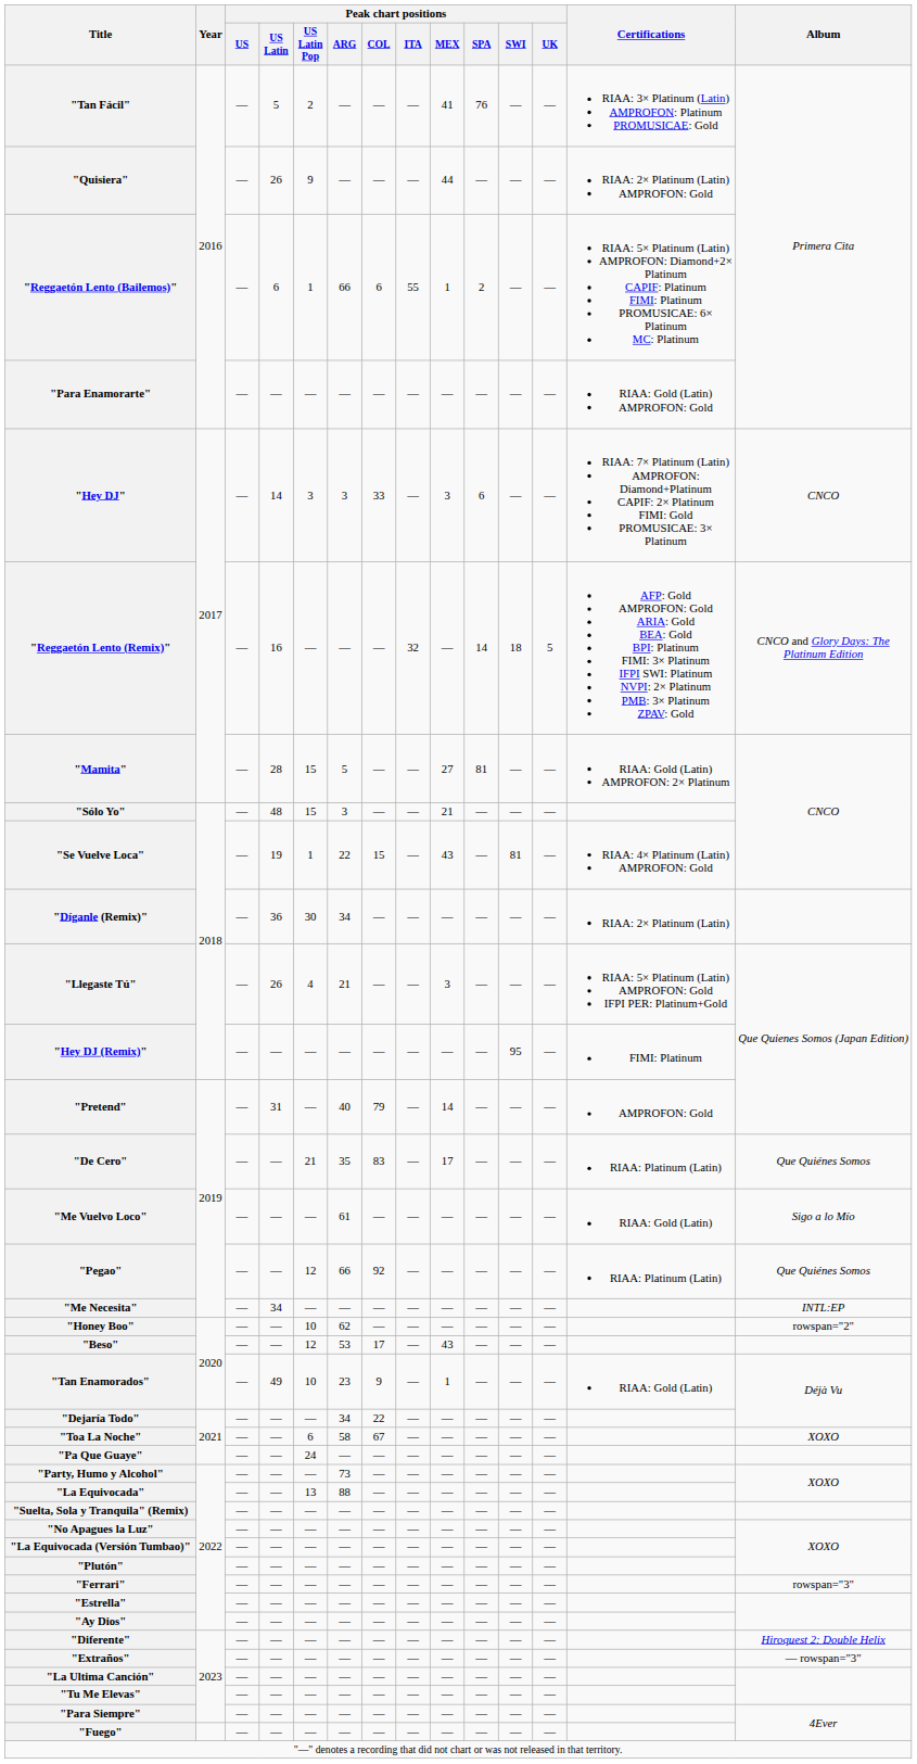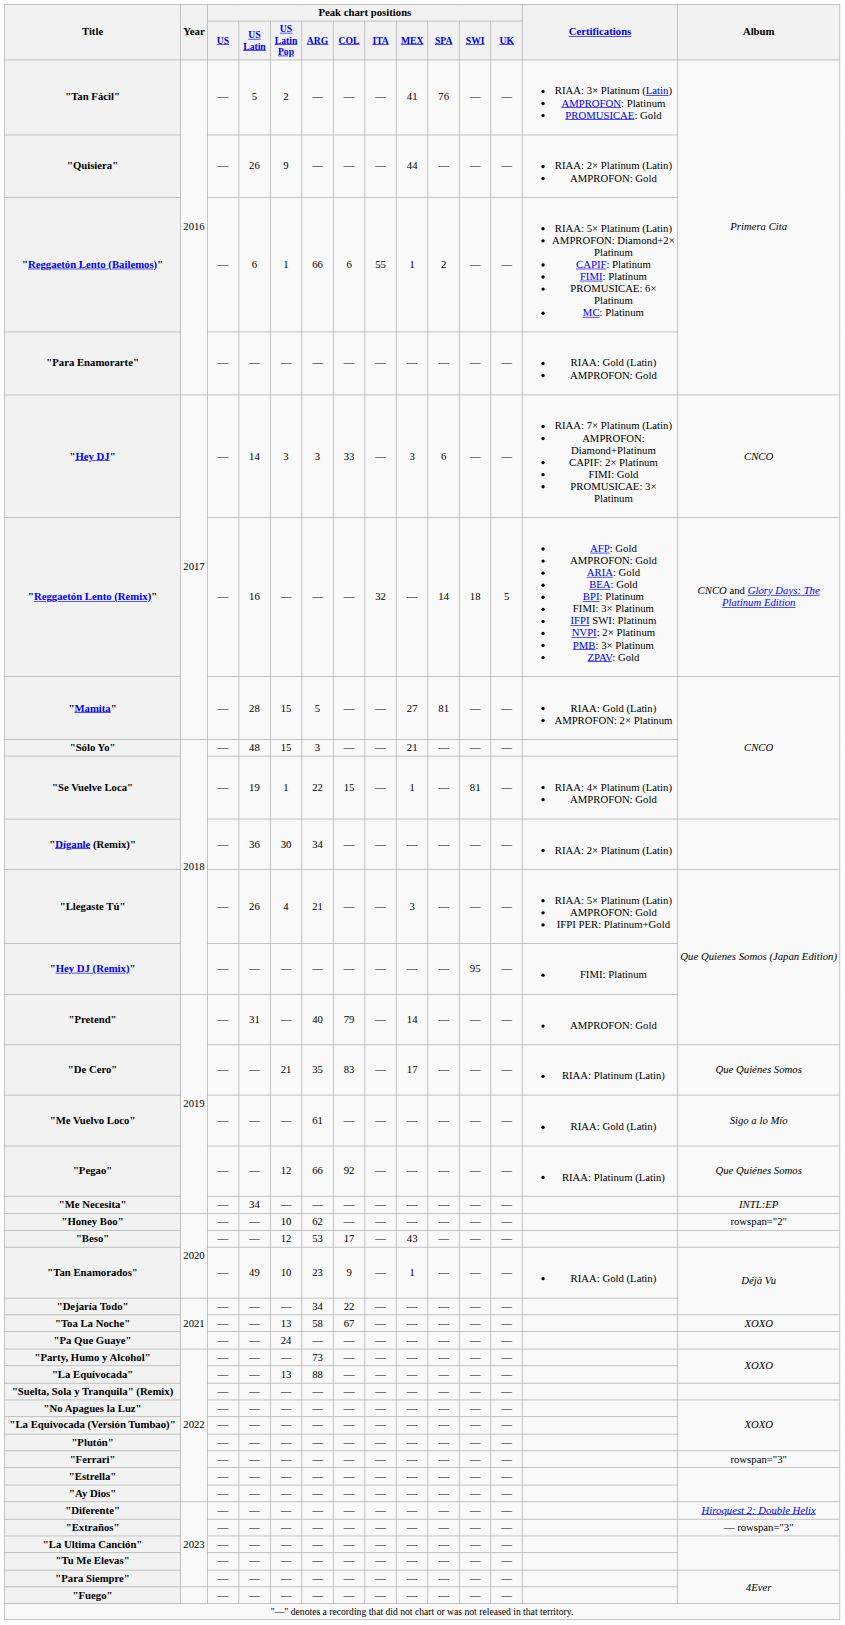 <table class="wikitable plainrowheaders" style="text-align:center;">
 <tr>
 <th scope="col" rowspan="2" style="width:16em;">Title</th>
 <th scope="col" rowspan="2">Year</th>
 <th scope="col" colspan="10">Peak chart positions</th>
 <th scope="col" rowspan="2" style="width:14em;"><a href='#'>Certifications</a></th>
 <th scope="col" rowspan="2">Album</th>
 </tr>
 <tr>
 <th scope="col" style="width:2.8em;font-size:90%;"><a href='#'>US</a><br></th>
 <th scope="col" style="width:2.8em;font-size:90%;"><a href='#'>US<br>Latin</a><br></th>
 <th scope="col" style="width:2.8em;font-size:90%;"><a href='#'>US<br>Latin<br>Pop</a><br></th>
 <th scope="col" style="width:2.8em;font-size:90%;"><a href='#'>ARG</a><br></th>
 <th scope="col" style="width:2.8em;font-size:90%;"><a href='#'>COL</a><br></th>
 <th scope="col" style="width:2.8em;font-size:90%;"><a href='#'>ITA</a><br></th>
 <th scope="col" style="width:2.8em;font-size:90%;"><a href='#'>MEX</a><br></th>
 <th scope="col" style="width:2.8em;font-size:90%;"><a href='#'>SPA</a><br></th>
 <th scope="col" style="width:2.8em;font-size:90%;"><a href='#'>SWI</a><br></th>
 <th scope="col" style="width:2.8em;font-size:90%;"><a href='#'>UK</a><br></th>
 </tr>
 <tr>
 <th scope="row">"Tan Fácil"<br></th>
 <td rowspan="4">2016</td>
 <td>—</td>
 <td>5</td>
 <td>2</td>
 <td>—</td>
 <td>—</td>
 <td>—</td>
 <td>41</td>
 <td>76</td>
 <td>—</td>
 <td>—</td>
 <td><br><ul><li>RIAA: 3× Platinum (<a href='#'>Latin</a>)</li><li><a href='#'>AMPROFON</a>: Platinum</li><li><a href='#'>PROMUSICAE</a>: Gold</li></ul></td>
 <td rowspan="4"><em>Primera Cita</em></td>
 </tr>
 <tr>
 <th scope="row">"Quisiera"</th>
 <td>—</td>
 <td>26</td>
 <td>9</td>
 <td>—</td>
 <td>—</td>
 <td>—</td>
 <td>44</td>
 <td>—</td>
 <td>—</td>
 <td>—</td>
 <td><br><ul><li>RIAA: 2× Platinum (Latin)</li><li>AMPROFON: Gold</li></ul></td>
 </tr>
 <tr>
 <th scope="row">"<a href='#'>Reggaetón Lento (Bailemos)</a>"</th>
 <td>—</td>
 <td>6</td>
 <td>1</td>
 <td>66</td>
 <td>6</td>
 <td>55</td>
 <td>1</td>
 <td>2</td>
 <td>—</td>
 <td>—</td>
 <td><br><ul><li>RIAA: 5× Platinum (Latin)</li><li>AMPROFON: Diamond+2× Platinum</li><li><a href='#'>CAPIF</a>: Platinum</li><li><a href='#'>FIMI</a>: Platinum</li><li>PROMUSICAE: 6× Platinum</li><li><a href='#'>MC</a>: Platinum</li></ul></td>
 </tr>
 <tr>
 <th scope="row">"Para Enamorarte"</th>
 <td>—</td>
 <td>—</td>
 <td>—</td>
 <td>—</td>
 <td>—</td>
 <td>—</td>
 <td>—</td>
 <td>—</td>
 <td>—</td>
 <td>—</td>
 <td><br><ul><li>RIAA: Gold (Latin)</li><li>AMPROFON: Gold</li></ul></td>
 </tr>
 <tr>
 <th scope="row">"<a href='#'>Hey DJ</a>"<br></th>
 <td rowspan="3">2017</td>
 <td>—</td>
 <td>14</td>
 <td>3</td>
 <td>3</td>
 <td>33</td>
 <td>—</td>
 <td>3</td>
 <td>6</td>
 <td>—</td>
 <td>—</td>
 <td><br><ul><li>RIAA: 7× Platinum (Latin)</li><li>AMPROFON: Diamond+Platinum</li><li>CAPIF: 2× Platinum</li><li>FIMI: Gold</li><li>PROMUSICAE: 3× Platinum</li></ul></td>
 <td><em>CNCO</em></td>
 </tr>
 <tr>
 <th scope="row">"<a href='#'>Reggaetón Lento (Remix)</a>"<br></th>
 <td>—</td>
 <td>16</td>
 <td>—</td>
 <td>—</td>
 <td>—</td>
 <td>32</td>
 <td>—</td>
 <td>14</td>
 <td>18</td>
 <td>5</td>
 <td><br><ul><li><a href='#'>AFP</a>: Gold</li><li>AMPROFON: Gold</li><li><a href='#'>ARIA</a>: Gold</li><li><a href='#'>BEA</a>: Gold</li><li><a href='#'>BPI</a>: Platinum</li><li>FIMI: 3× Platinum</li><li><a href='#'>IFPI</a> SWI: Platinum</li><li><a href='#'>NVPI</a>: 2× Platinum</li><li><a href='#'>PMB</a>: 3× Platinum</li><li><a href='#'>ZPAV</a>: Gold</li></ul></td>
 <td><em>CNCO</em> and <em><a href='#'>Glory Days: The Platinum Edition</a></em></td>
 </tr>
 <tr>
 <th scope="row">"<a href='#'>Mamita</a>"</th>
 <td>—</td>
 <td>28</td>
 <td>15</td>
 <td>5</td>
 <td>—</td>
 <td>—</td>
 <td>27</td>
 <td>81</td>
 <td>—</td>
 <td>—</td>
 <td><br><ul><li>RIAA: Gold (Latin)</li><li>AMPROFON: 2× Platinum</li></ul></td>
 <td rowspan="3"><em>CNCO</em></td>
 </tr>
 <tr>
 <th scope="row">"Sólo Yo" </th>
 <td rowspan="5">2018</td>
 <td>—</td>
 <td>48</td>
 <td>15</td>
 <td>3</td>
 <td>—</td>
 <td>—</td>
 <td>21</td>
 <td>—</td>
 <td>—</td>
 <td>—</td>
 <td></td>
 </tr>
 <tr>
 <th scope="row">"Se Vuelve Loca"</th>
 <td>—</td>
 <td>19</td>
 <td>1</td>
 <td>22</td>
 <td>15</td>
 <td>—</td>
-<td>43</td>
+<td>1</td>
 <td>—</td>
 <td>81</td>
 <td>—</td>
 <td><br><ul><li>RIAA: 4× Platinum (Latin)</li><li>AMPROFON: Gold</li></ul></td>
 </tr>
 <tr>
 <th scope="row">"<a href='#'>Díganle</a> (Remix)"<br></th>
 <td>—</td>
 <td>36</td>
 <td>30</td>
 <td>34</td>
 <td>—</td>
 <td>—</td>
 <td>—</td>
 <td>—</td>
 <td>—</td>
 <td>—</td>
 <td><br><ul><li>RIAA: 2× Platinum <span>(Latin)</span></li></ul></td>
 <td></td>
 </tr>
 <tr>
 <th scope="row">"Llegaste Tú"<br></th>
 <td>—</td>
 <td>26</td>
 <td>4</td>
 <td>21</td>
 <td>—</td>
 <td>—</td>
 <td>3</td>
 <td>—</td>
 <td>—</td>
 <td>—</td>
 <td><br><ul><li>RIAA: 5× Platinum (Latin)</li><li>AMPROFON: Gold</li><li>IFPI PER: Platinum+Gold</li></ul></td>
 <td rowspan="3"><em>Que Quienes Somos (Japan Edition)</em></td>
 </tr>
 <tr>
 <th scope="row">"<a href='#'>Hey DJ (Remix)</a>"<br></th>
 <td>—</td>
 <td>—</td>
 <td>—</td>
 <td>—</td>
 <td>—</td>
 <td>—</td>
 <td>—</td>
 <td>—</td>
 <td>95</td>
 <td>—</td>
 <td><br><ul><li>FIMI: Platinum</li></ul></td>
 </tr>
 <tr>
 <th scope="row">"Pretend"</th>
 <td rowspan="5">2019</td>
 <td>—</td>
 <td>31</td>
 <td>—</td>
 <td>40</td>
 <td>79</td>
 <td>—</td>
 <td>14</td>
 <td>—</td>
 <td>—</td>
 <td>—</td>
 <td><br><ul><li>AMPROFON: Gold</li></ul></td>
 </tr>
 <tr>
 <th scope="row">"De Cero"</th>
 <td>—</td>
 <td>—</td>
 <td>21</td>
 <td>35</td>
 <td>83</td>
 <td>—</td>
 <td>17</td>
 <td>—</td>
 <td>—</td>
 <td>—</td>
 <td><br><ul><li>RIAA: Platinum (Latin)</li></ul></td>
 <td><em>Que Quiénes Somos</em></td>
 </tr>
 <tr>
 <th scope="row">"Me Vuelvo Loco"<br></th>
 <td>—</td>
 <td>—</td>
 <td>—</td>
 <td>61</td>
 <td>—</td>
 <td>—</td>
 <td>—</td>
 <td>—</td>
 <td>—</td>
 <td>—</td>
 <td><br><ul><li>RIAA: Gold (Latin)</li></ul></td>
 <td><em>Sigo a lo Mío</em></td>
 </tr>
 <tr>
 <th scope="row">"Pegao"<br></th>
 <td>—</td>
 <td>—</td>
 <td>12</td>
 <td>66</td>
 <td>92</td>
 <td>—</td>
 <td>—</td>
 <td>—</td>
 <td>—</td>
 <td>—</td>
 <td><br><ul><li>RIAA: Platinum (Latin)</li></ul></td>
 <td><em>Que Quiénes Somos</em></td>
 </tr>
 <tr>
 <th scope="row">"Me Necesita"<br></th>
 <td>—</td>
 <td>34</td>
 <td>—</td>
 <td>—</td>
 <td>—</td>
 <td>—</td>
 <td>—</td>
 <td>—</td>
 <td>—</td>
 <td>—</td>
 <td></td>
 <td><em>INTL:EP</em></td>
 </tr>
 <tr>
 <th scope="row">"Honey Boo"<br></th>
 <td rowspan="3">2020</td>
 <td>—</td>
 <td>—</td>
 <td>10</td>
 <td>62</td>
 <td>—</td>
 <td>—</td>
 <td>—</td>
 <td>—</td>
 <td>—</td>
 <td>—</td>
 <td></td>
 <td>rowspan="2" </td>
 </tr>
 <tr>
 <th scope="row">"Beso"</th>
 <td>—</td>
 <td>—</td>
 <td>12</td>
 <td>53</td>
 <td>17</td>
 <td>—</td>
 <td>43</td>
 <td>—</td>
 <td>—</td>
 <td>—</td>
 <td></td>
 </tr>
 <tr>
 <th scope="row">"Tan Enamorados"</th>
 <td>—</td>
 <td>49</td>
 <td>10</td>
 <td>23</td>
 <td>9</td>
 <td>—</td>
 <td>1</td>
 <td>—</td>
 <td>—</td>
 <td>—</td>
 <td><br><ul><li>RIAA: Gold (Latin)</li></ul></td>
 <td rowspan="2"><em>Déjà Vu</em></td>
 </tr>
 <tr>
 <th scope="row">"Dejaría Todo"</th>
 <td rowspan="3">2021</td>
 <td>—</td>
 <td>—</td>
 <td>—</td>
 <td>34</td>
 <td>22</td>
 <td>—</td>
 <td>—</td>
 <td>—</td>
 <td>—</td>
 <td>—</td>
 <td></td>
 </tr>
 <tr>
 <th scope="row">"Toa La Noche"</th>
 <td>—</td>
 <td>—</td>
-<td>6</td>
+<td>13</td>
 <td>58</td>
 <td>67</td>
 <td>—</td>
 <td>—</td>
 <td>—</td>
 <td>—</td>
 <td>—</td>
 <td></td>
 <td><em>XOXO</em></td>
 </tr>
 <tr>
 <th scope="row">"Pa Que Guaye"<br></th>
 <td>—</td>
 <td>—</td>
 <td>24</td>
 <td>—</td>
 <td>—</td>
 <td>—</td>
 <td>—</td>
 <td>—</td>
 <td>—</td>
 <td>—</td>
 <td></td>
 <td></td>
 </tr>
 <tr>
 <th scope="row">"Party, Humo y Alcohol"</th>
 <td rowspan="9">2022</td>
 <td>—</td>
 <td>—</td>
 <td>—</td>
 <td>73</td>
 <td>—</td>
 <td>—</td>
 <td>—</td>
 <td>—</td>
 <td>—</td>
 <td>—</td>
 <td></td>
 <td rowspan="2"><em>XOXO</em></td>
 </tr>
 <tr>
 <th scope="row">"La Equivocada"</th>
 <td>—</td>
 <td>—</td>
 <td>13</td>
 <td>88</td>
 <td>—</td>
 <td>—</td>
 <td>—</td>
 <td>—</td>
 <td>—</td>
 <td>—</td>
 <td></td>
 </tr>
 <tr>
 <th scope="row">"Suelta, Sola y Tranquila" (Remix)<br></th>
 <td>—</td>
 <td>—</td>
 <td>—</td>
 <td>—</td>
 <td>—</td>
 <td>—</td>
 <td>—</td>
 <td>—</td>
 <td>—</td>
 <td>—</td>
 <td></td>
 <td></td>
 </tr>
 <tr>
 <th scope="row">"No Apagues la Luz"</th>
 <td>—</td>
 <td>—</td>
 <td>—</td>
 <td>—</td>
 <td>—</td>
 <td>—</td>
 <td>—</td>
 <td>—</td>
 <td>—</td>
 <td>—</td>
 <td></td>
 <td rowspan="3"><em>XOXO</em></td>
 </tr>
 <tr>
 <th scope="row">"La Equivocada (Versión Tumbao)"<br></th>
 <td>—</td>
 <td>—</td>
 <td>—</td>
 <td>—</td>
 <td>—</td>
 <td>—</td>
 <td>—</td>
 <td>—</td>
 <td>—</td>
 <td>—</td>
 <td></td>
 </tr>
 <tr>
 <th scope="row">"Plutón"<br></th>
 <td>—</td>
 <td>—</td>
 <td>—</td>
 <td>—</td>
 <td>—</td>
 <td>—</td>
 <td>—</td>
 <td>—</td>
 <td>—</td>
 <td>—</td>
 <td></td>
 </tr>
 <tr>
 <th scope="row">"Ferrari" <br></th>
 <td>—</td>
 <td>—</td>
 <td>—</td>
 <td>—</td>
 <td>—</td>
 <td>—</td>
 <td>—</td>
 <td>—</td>
 <td>—</td>
 <td>—</td>
 <td></td>
 <td>rowspan="3" </td>
 </tr>
 <tr>
 <th scope="row">"Estrella"<br></th>
 <td>—</td>
 <td>—</td>
 <td>—</td>
 <td>—</td>
 <td>—</td>
 <td>—</td>
 <td>—</td>
 <td>—</td>
 <td>—</td>
 <td>—</td>
 <td></td>
 </tr>
 <tr>
 <th scope="row">"Ay Dios"</th>
 <td>—</td>
 <td>—</td>
 <td>—</td>
 <td>—</td>
 <td>—</td>
 <td>—</td>
 <td>—</td>
 <td>—</td>
 <td>—</td>
 <td>—</td>
 <td></td>
 </tr>
 <tr>
 <th scope="row">"Diferente"<br></th>
 <td rowspan="5">2023</td>
 <td>—</td>
 <td>—</td>
 <td>—</td>
 <td>—</td>
 <td>—</td>
 <td>—</td>
 <td>—</td>
 <td>—</td>
 <td>—</td>
 <td>—</td>
 <td></td>
 <td><em><a href='#'>Hiroquest 2: Double Helix</a></em></td>
 </tr>
 <tr>
 <th scope="row">"Extraños"<br></th>
 <td>—</td>
 <td>—</td>
 <td>—</td>
 <td>—</td>
 <td>—</td>
 <td>—</td>
 <td>—</td>
 <td>—</td>
 <td>—</td>
 <td>—</td>
 <td></td>
 <td>— rowspan="3" </td>
 </tr>
 <tr>
 <th scope="row">"La Ultima Canción"</th>
 <td>—</td>
 <td>—</td>
 <td>—</td>
 <td>—</td>
 <td>—</td>
 <td>—</td>
 <td>—</td>
 <td>—</td>
 <td>—</td>
 <td>—</td>
 <td></td>
 </tr>
 <tr>
 <th scope="row">"Tu Me Elevas" </th>
 <td>—</td>
 <td>—</td>
 <td>—</td>
 <td>—</td>
 <td>—</td>
 <td>—</td>
 <td>—</td>
 <td>—</td>
 <td>—</td>
 <td>—</td>
 <td></td>
 </tr>
 <tr>
 <th scope="row">"Para Siempre" </th>
 <td>—</td>
 <td>—</td>
 <td>—</td>
 <td>—</td>
 <td>—</td>
 <td>—</td>
 <td>—</td>
 <td>—</td>
 <td>—</td>
 <td>—</td>
 <td></td>
 <td rowspan="2"><em>4Ever</em></td>
 </tr>
 <tr>
 <th scope="row">"Fuego" </th>
 <td></td>
 <td>—</td>
 <td>—</td>
 <td>—</td>
 <td>—</td>
 <td>—</td>
 <td>—</td>
 <td>—</td>
 <td>—</td>
 <td>—</td>
 <td>—</td>
 <td></td>
 </tr>
 <tr>
 <td colspan="15" style="font-size:90%">"—" denotes a recording that did not chart or was not released in that territory.</td>
 </tr>
 </table>
